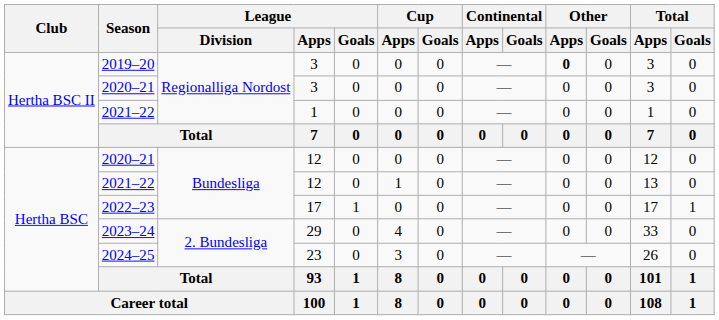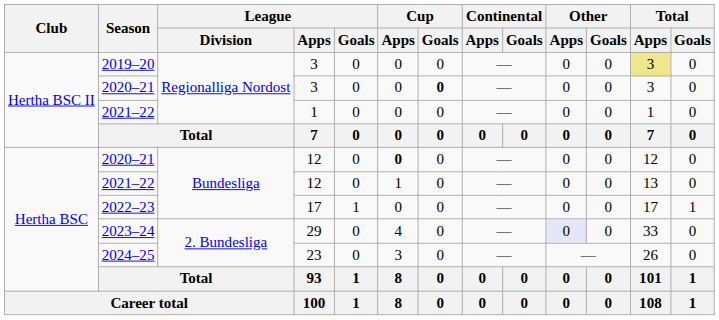 <table class="wikitable" style="text-align:center">
 <tr>
 <th rowspan="2">Club</th>
 <th rowspan="2">Season</th>
 <th colspan="3">League</th>
 <th colspan="2">Cup</th>
 <th colspan="2">Continental</th>
 <th colspan="2">Other</th>
 <th colspan="2">Total</th>
 </tr>
 <tr>
 <th>Division</th>
 <th>Apps</th>
 <th>Goals</th>
 <th>Apps</th>
 <th>Goals</th>
 <th>Apps</th>
 <th>Goals</th>
 <th>Apps</th>
 <th>Goals</th>
 <th>Apps</th>
 <th>Goals</th>
 </tr>
 <tr>
 <td rowspan="4"><a href='#'>Hertha BSC II</a></td>
 <td><a href='#'>2019–20</a></td>
 <td rowspan="3"><a href='#'>Regionalliga Nordost</a></td>
 <td>3</td>
 <td>0</td>
 <td>0</td>
 <td>0</td>
 <td colspan="2">—</td>
-<td><strong>0</strong></td>
 <td>0</td>
-<td>3</td>
+<td>0</td>
+<td style="background: khaki;">3</td>
 <td>0</td>
 </tr>
 <tr>
 <td><a href='#'>2020–21</a></td>
 <td>3</td>
 <td>0</td>
 <td>0</td>
-<td>0</td>
+<td><strong>0</strong></td>
 <td colspan="2">—</td>
 <td>0</td>
 <td>0</td>
 <td>3</td>
 <td>0</td>
 </tr>
 <tr>
 <td><a href='#'>2021–22</a></td>
 <td>1</td>
 <td>0</td>
 <td>0</td>
 <td>0</td>
 <td colspan="2">—</td>
 <td>0</td>
 <td>0</td>
 <td>1</td>
 <td>0</td>
 </tr>
 <tr>
 <th colspan="2">Total</th>
 <th>7</th>
 <th>0</th>
 <th>0</th>
 <th>0</th>
 <th>0</th>
 <th>0</th>
 <th>0</th>
 <th>0</th>
 <th>7</th>
 <th>0</th>
 </tr>
 <tr>
 <td rowspan="6"><a href='#'>Hertha BSC</a></td>
 <td><a href='#'>2020–21</a></td>
 <td rowspan="3"><a href='#'>Bundesliga</a></td>
 <td>12</td>
 <td>0</td>
-<td>0</td>
+<td><strong>0</strong></td>
 <td>0</td>
 <td colspan="2">—</td>
 <td>0</td>
 <td>0</td>
 <td>12</td>
 <td>0</td>
 </tr>
 <tr>
 <td><a href='#'>2021–22</a></td>
 <td>12</td>
 <td>0</td>
 <td>1</td>
 <td>0</td>
 <td colspan="2">—</td>
 <td>0</td>
 <td>0</td>
 <td>13</td>
 <td>0</td>
 </tr>
 <tr>
 <td><a href='#'>2022–23</a></td>
 <td>17</td>
 <td>1</td>
 <td>0</td>
 <td>0</td>
 <td colspan="2">—</td>
 <td>0</td>
 <td>0</td>
 <td>17</td>
 <td>1</td>
 </tr>
 <tr>
 <td><a href='#'>2023–24</a></td>
 <td rowspan="2"><a href='#'>2. Bundesliga</a></td>
 <td>29</td>
 <td>0</td>
 <td>4</td>
 <td>0</td>
 <td colspan="2">—</td>
-<td>0</td>
+<td style="background: lavender;">0</td>
 <td>0</td>
 <td>33</td>
 <td>0</td>
 </tr>
 <tr>
 <td><a href='#'>2024–25</a></td>
 <td>23</td>
 <td>0</td>
 <td>3</td>
 <td>0</td>
 <td colspan="2">—</td>
 <td colspan="2">—</td>
 <td>26</td>
 <td>0</td>
 </tr>
 <tr>
 <th colspan="2">Total</th>
 <th>93</th>
 <th>1</th>
 <th>8</th>
 <th>0</th>
 <th>0</th>
 <th>0</th>
 <th>0</th>
 <th>0</th>
 <th>101</th>
 <th>1</th>
 </tr>
 <tr>
 <th colspan="3">Career total</th>
 <th>100</th>
 <th>1</th>
 <th>8</th>
 <th>0</th>
 <th>0</th>
 <th>0</th>
 <th>0</th>
 <th>0</th>
 <th>108</th>
 <th>1</th>
 </tr>
 </table>
